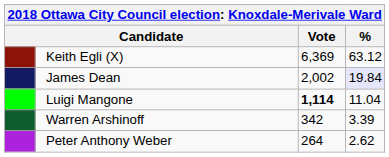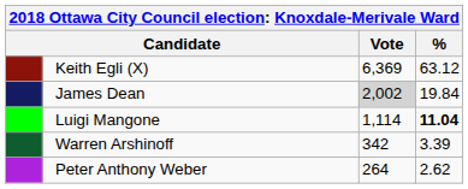 <table class="wikitable">
 <tr>
 <th colspan="4"><a href='#'>2018 Ottawa City Council election</a>: <a href='#'>Knoxdale-Merivale Ward</a></th>
 </tr>
 <tr>
 <th bgcolor="#DDDDFF" width="230px" colspan="2">Candidate</th>
 <th bgcolor="#DDDDFF" width="50px">Vote</th>
 <th bgcolor="#DDDDFF" width="30px">%</th>
 </tr>
 <tr>
 <td bgcolor=#8C120A width="30px"> </td>
 <td>  Keith Egli (X)</td>
 <td>6,369</td>
 <td>63.12</td>
 </tr>
 <tr>
 <td bgcolor=#131C62 width="30px"> </td>
 <td>  James Dean</td>
-<td>2,002</td>
-<td style="background: lavender;">19.84</td>
+<td style="background: lightgrey;">2,002</td>
+<td>19.84</td>
 </tr>
 <tr>
 <td bgcolor=#00FF00 width="30px"> </td>
 <td>  Luigi Mangone</td>
-<td><strong>1,114</strong></td>
-<td>11.04</td>
+<td>1,114</td>
+<td><strong>11.04</strong></td>
 </tr>
 <tr>
 <td bgcolor=#0f5c2e width="30px"> </td>
 <td>  Warren Arshinoff</td>
 <td>342</td>
 <td>3.39</td>
 </tr>
 <tr>
 <td bgcolor=#AC23DB width="30px"> </td>
 <td>  Peter Anthony Weber</td>
 <td>264</td>
 <td>2.62</td>
 </tr>
 </table>
